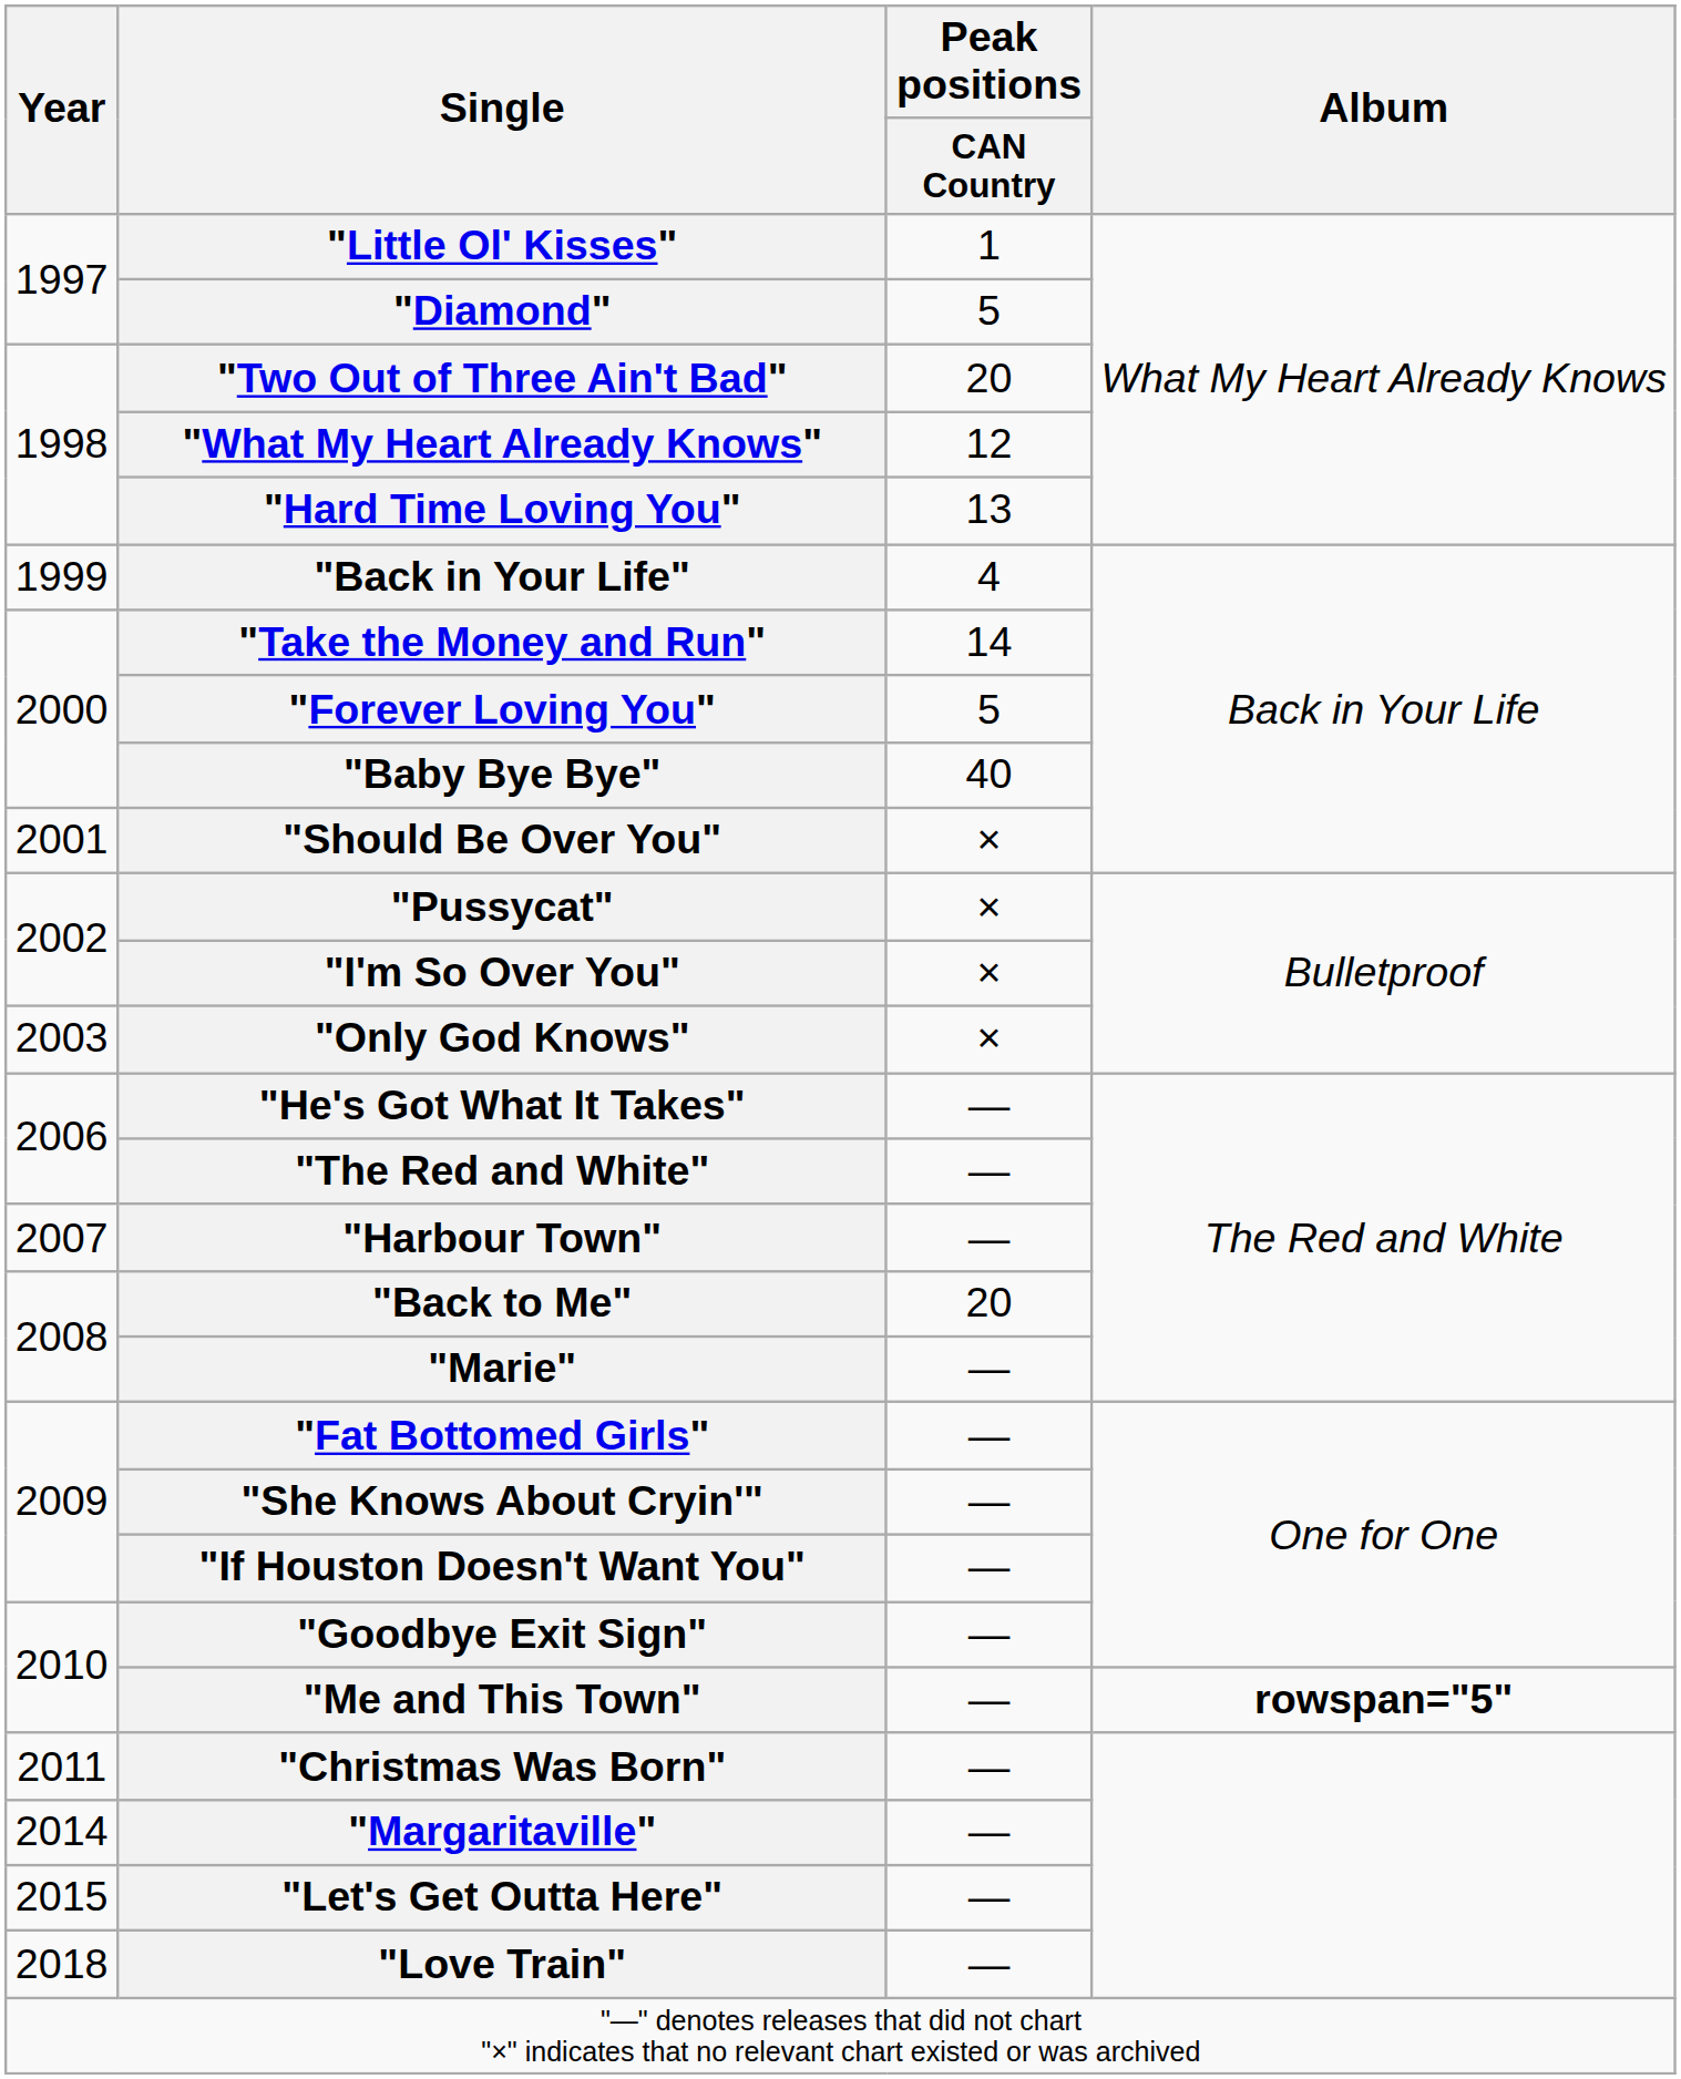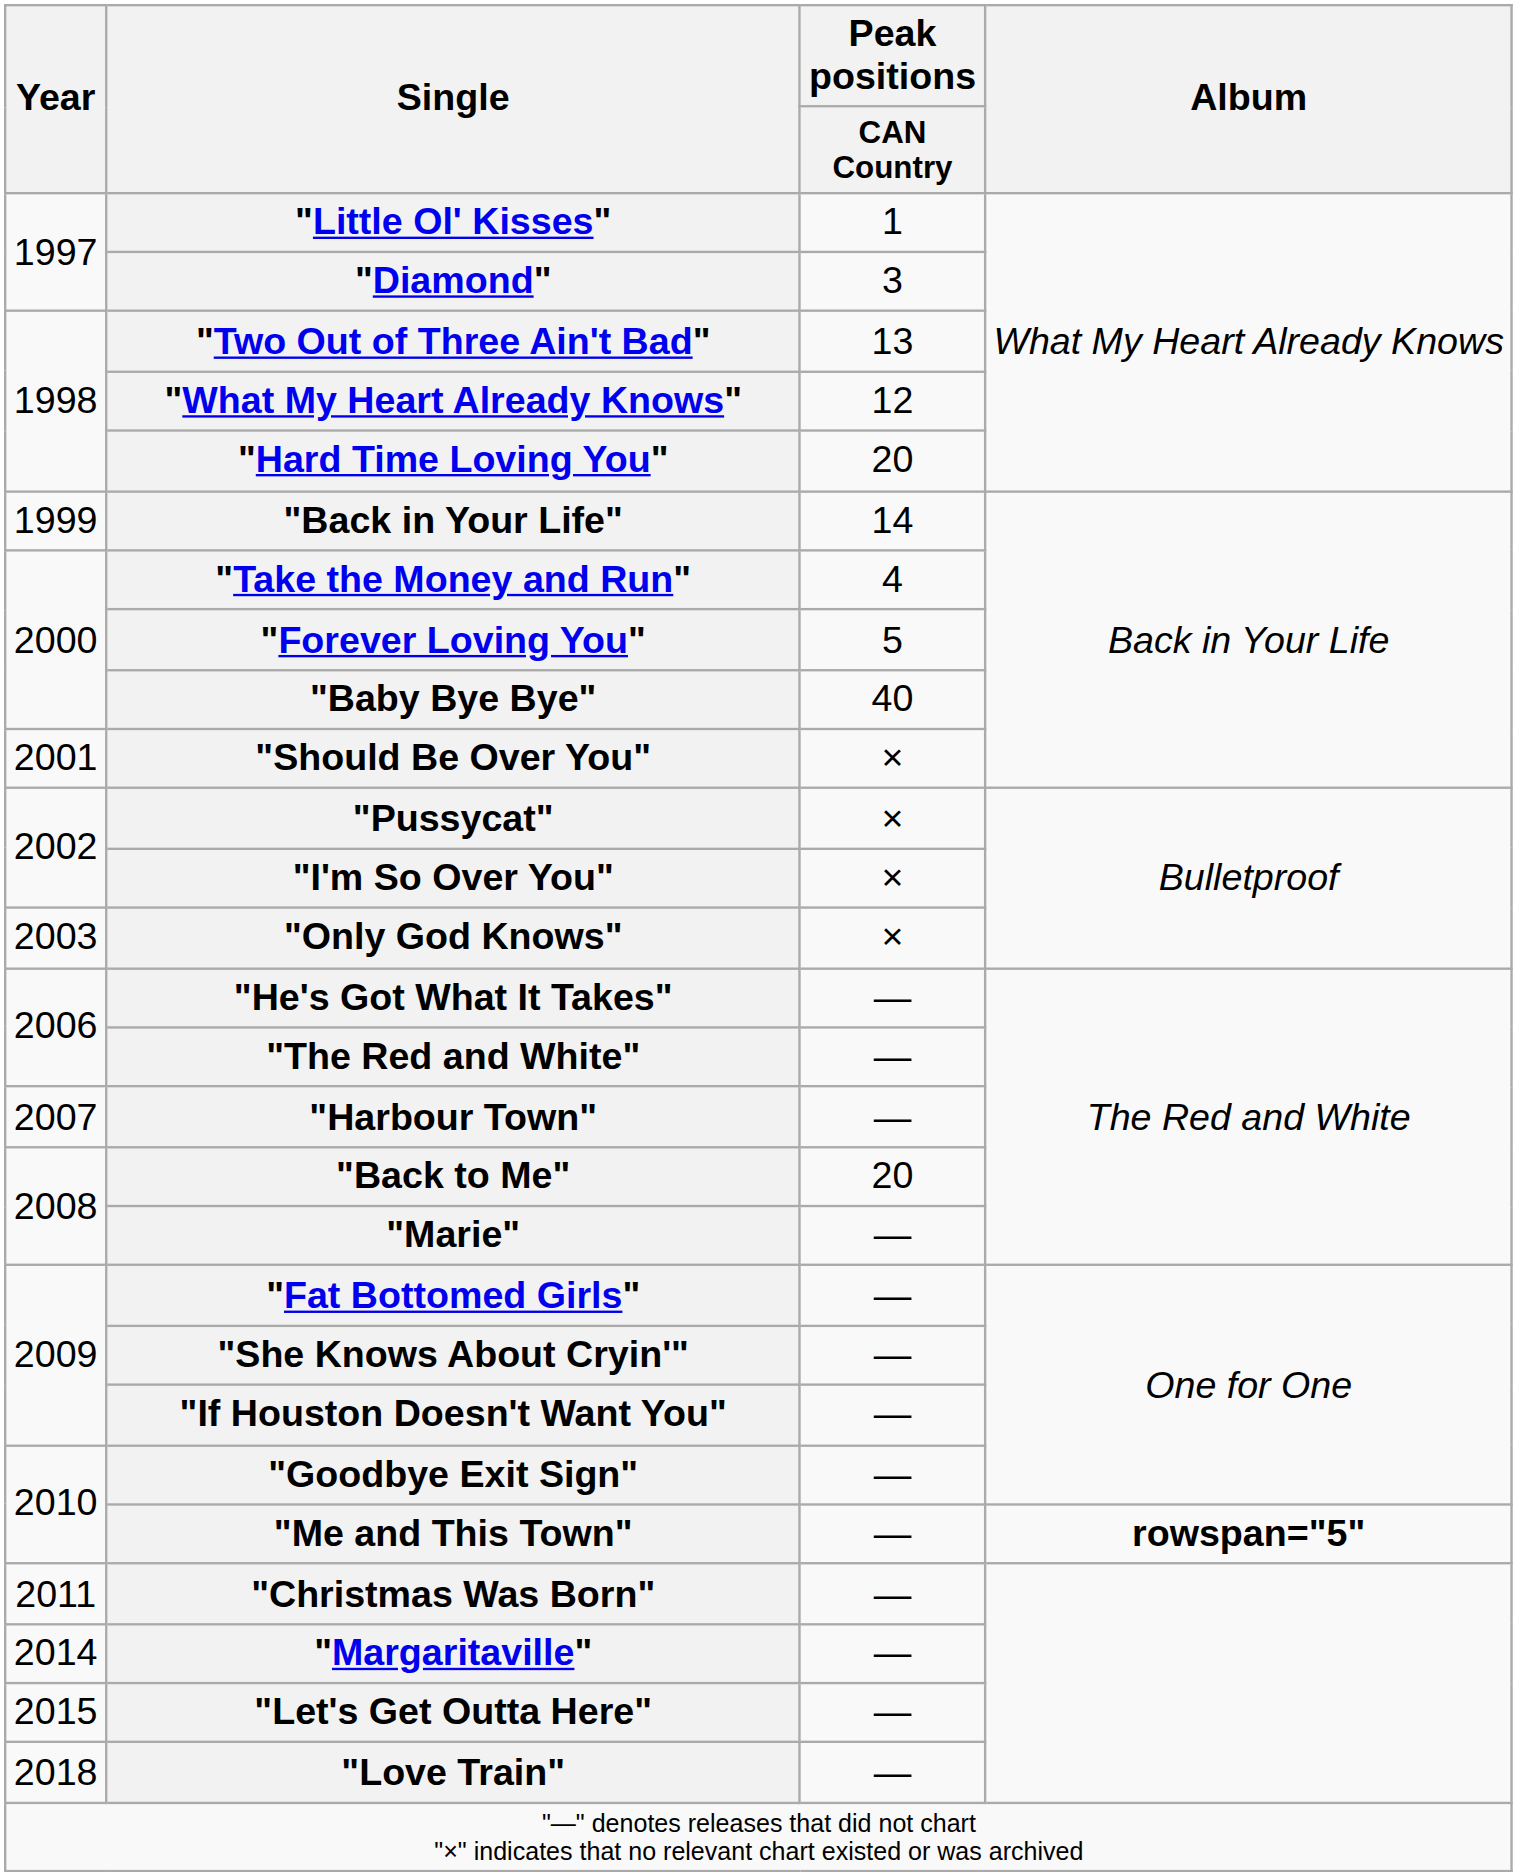 <table class="wikitable plainrowheaders" style="text-align:center;">
 <tr>
 <th rowspan="2">Year</th>
 <th rowspan="2" style="width:18em;">Single</th>
 <th>Peak positions</th>
 <th rowspan="2">Album</th>
 </tr>
 <tr style="font-size:smaller;">
 <th style="width:65px;">CAN Country<br></th>
 </tr>
 <tr>
 <td rowspan="2">1997</td>
 <th scope="row">"<a href='#'>Little Ol' Kisses</a>"</th>
 <td>1</td>
 <td rowspan="5"><em>What My Heart Already Knows</em></td>
 </tr>
 <tr>
 <th scope="row">"<a href='#'>Diamond</a>"</th>
-<td>5</td>
+<td>3</td>
 </tr>
 <tr>
 <td rowspan="3">1998</td>
 <th scope="row">"<a href='#'>Two Out of Three Ain't Bad</a>"</th>
-<td>20</td>
+<td>13</td>
 </tr>
 <tr>
 <th scope="row">"<a href='#'>What My Heart Already Knows</a>"</th>
 <td>12</td>
 </tr>
 <tr>
 <th scope="row">"<a href='#'>Hard Time Loving You</a>"</th>
-<td>13</td>
+<td>20</td>
 </tr>
 <tr>
 <td>1999</td>
 <th scope="row">"Back in Your Life"</th>
-<td>4</td>
+<td>14</td>
 <td rowspan="5"><em>Back in Your Life</em></td>
 </tr>
 <tr>
 <td rowspan="3">2000</td>
 <th scope="row">"<a href='#'>Take the Money and Run</a>"</th>
-<td>14</td>
+<td>4</td>
 </tr>
 <tr>
 <th scope="row">"<a href='#'>Forever Loving You</a>"</th>
 <td>5</td>
 </tr>
 <tr>
 <th scope="row">"Baby Bye Bye"</th>
 <td>40</td>
 </tr>
 <tr>
 <td>2001</td>
 <th scope="row">"Should Be Over You"</th>
 <td>×</td>
 </tr>
 <tr>
 <td rowspan="2">2002</td>
 <th scope="row">"Pussycat"</th>
 <td>×</td>
 <td rowspan="3"><em>Bulletproof</em></td>
 </tr>
 <tr>
 <th scope="row">"I'm So Over You"</th>
 <td>×</td>
 </tr>
 <tr>
 <td>2003</td>
 <th scope="row">"Only God Knows"</th>
 <td>×</td>
 </tr>
 <tr>
 <td rowspan="2">2006</td>
 <th scope="row">"He's Got What It Takes"</th>
 <td>—</td>
 <td rowspan="5"><em>The Red and White</em></td>
 </tr>
 <tr>
 <th scope="row">"The Red and White"</th>
 <td>—</td>
 </tr>
 <tr>
 <td>2007</td>
 <th scope="row">"Harbour Town"</th>
 <td>—</td>
 </tr>
 <tr>
 <td rowspan="2">2008</td>
 <th scope="row">"Back to Me"</th>
 <td>20</td>
 </tr>
 <tr>
 <th scope="row">"Marie"</th>
 <td>—</td>
 </tr>
 <tr>
 <td rowspan="3">2009</td>
 <th scope="row">"<a href='#'>Fat Bottomed Girls</a>"</th>
 <td>—</td>
 <td rowspan="4"><em>One for One</em></td>
 </tr>
 <tr>
 <th scope="row">"She Knows About Cryin'"</th>
 <td>—</td>
 </tr>
 <tr>
 <th scope="row">"If Houston Doesn't Want You"</th>
 <td>—</td>
 </tr>
 <tr>
 <td rowspan="2">2010</td>
 <th scope="row">"Goodbye Exit Sign"</th>
 <td>—</td>
 </tr>
 <tr>
 <th scope="row">"Me and This Town"</th>
 <td>—</td>
 <td><strong>rowspan="5" </strong></td>
 </tr>
 <tr>
 <td>2011</td>
 <th scope="row">"Christmas Was Born"</th>
 <td>—</td>
 </tr>
 <tr>
 <td>2014</td>
 <th scope="row">"<a href='#'>Margaritaville</a>"</th>
 <td>—</td>
 </tr>
 <tr>
 <td>2015</td>
 <th scope="row">"Let's Get Outta Here"</th>
 <td>—</td>
 </tr>
 <tr>
 <td>2018</td>
 <th scope="row">"Love Train"</th>
 <td>—</td>
 </tr>
 <tr>
 <td colspan="5" style="font-size:8pt">"—" denotes releases that did not chart<br>"×" indicates that no relevant chart existed or was archived</td>
 </tr>
 </table>
